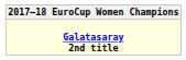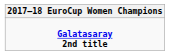 <table class=wikitable style="text-align:center; margin:auto">
 <tr>
 <th>2017–18 EuroCup Women Champions</th>
 </tr>
 <tr>
-<td style="background: lightyellow;"><br><strong><a href='#'>Galatasaray</a></strong><br><strong>2nd title</strong></td>
+<td><br><strong><a href='#'>Galatasaray</a></strong><br><strong>2nd title</strong></td>
 </tr>
 </table>
